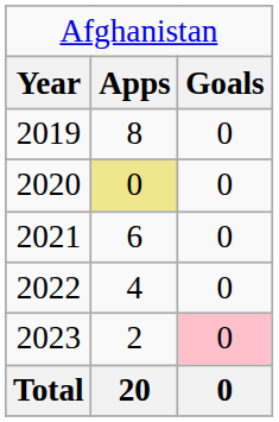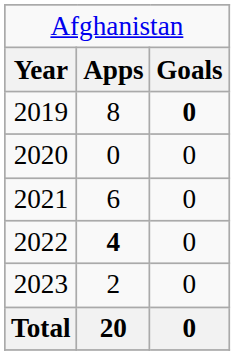 <table class="wikitable" style="text-align:center">
 <tr>
 <td colspan="6"><a href='#'>Afghanistan</a></td>
 </tr>
 <tr>
 <th>Year</th>
 <th>Apps</th>
 <th>Goals</th>
 </tr>
 <tr>
 <td>2019</td>
 <td>8</td>
-<td>0</td>
+<td><strong>0</strong></td>
 </tr>
 <tr>
 <td>2020</td>
-<td style="background: khaki;">0</td>
+<td>0</td>
 <td>0</td>
 </tr>
 <tr>
 <td>2021</td>
 <td>6</td>
 <td>0</td>
 </tr>
 <tr>
 <td>2022</td>
-<td>4</td>
+<td><strong>4</strong></td>
 <td>0</td>
 </tr>
 <tr>
 <td>2023</td>
 <td>2</td>
-<td style="background: pink;">0</td>
+<td>0</td>
 </tr>
 <tr>
 <th>Total</th>
 <th>20</th>
 <th>0</th>
 </tr>
 </table>
